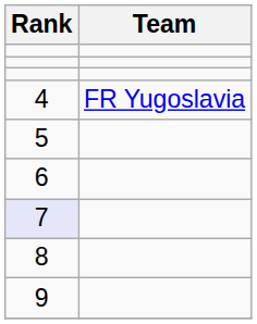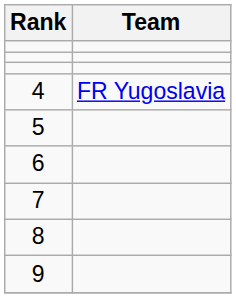 <table class="wikitable" border="1">
 <tr>
 <th>Rank</th>
 <th>Team</th>
 </tr>
 <tr>
 <td align=center></td>
 <td></td>
 </tr>
 <tr>
 <td align=center></td>
 <td></td>
 </tr>
 <tr>
 <td align=center></td>
 <td></td>
 </tr>
 <tr>
 <td align=center>4</td>
 <td> <a href='#'>FR Yugoslavia</a></td>
 </tr>
 <tr>
 <td align=center>5</td>
 <td></td>
 </tr>
 <tr>
 <td align=center>6</td>
 <td></td>
 </tr>
 <tr>
-<td align=center style="background: lavender;">7</td>
+<td align=center>7</td>
 <td></td>
 </tr>
 <tr>
 <td align=center>8</td>
 <td></td>
 </tr>
 <tr>
 <td align=center>9</td>
 <td></td>
 </tr>
 <tr>
 </tr>
 </table>
